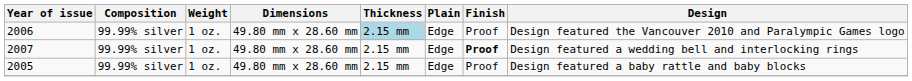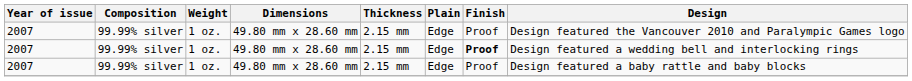 <table class="wikitable">
 <tr>
 <th>Year of issue</th>
 <th>Composition</th>
 <th>Weight</th>
 <th>Dimensions</th>
 <th>Thickness</th>
 <th>Plain</th>
 <th>Finish</th>
 <th>Design</th>
 </tr>
 <tr>
-<td>2006</td>
+<td>2007</td>
 <td>99.99% silver</td>
 <td>1 oz.</td>
 <td>49.80 mm x 28.60 mm</td>
-<td style="background: lightblue;">2.15 mm</td>
+<td>2.15 mm</td>
 <td>Edge</td>
 <td>Proof</td>
 <td>Design featured the Vancouver 2010 and Paralympic Games logo</td>
 </tr>
 <tr>
 <td>2007</td>
 <td>99.99% silver</td>
 <td>1 oz.</td>
 <td>49.80 mm x 28.60 mm</td>
 <td>2.15 mm</td>
 <td>Edge</td>
 <td><strong>Proof</strong></td>
 <td>Design featured a wedding bell and interlocking rings</td>
 </tr>
 <tr>
-<td>2005</td>
+<td>2007</td>
 <td>99.99% silver</td>
 <td>1 oz.</td>
 <td>49.80 mm x 28.60 mm</td>
 <td>2.15 mm</td>
 <td>Edge</td>
 <td>Proof</td>
 <td>Design featured a baby rattle and baby blocks</td>
 </tr>
 <tr>
 </tr>
 </table>
